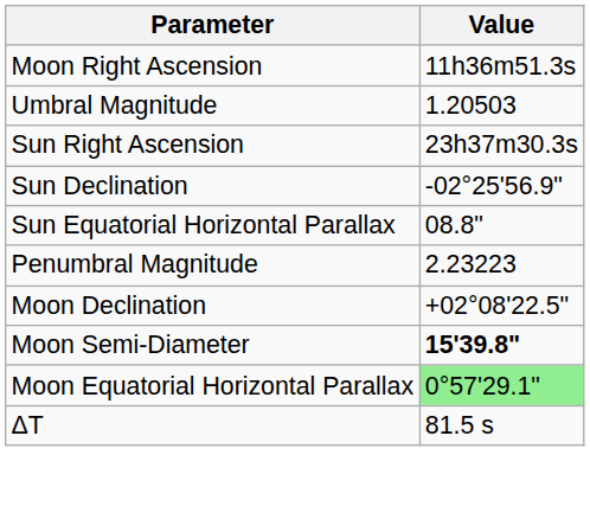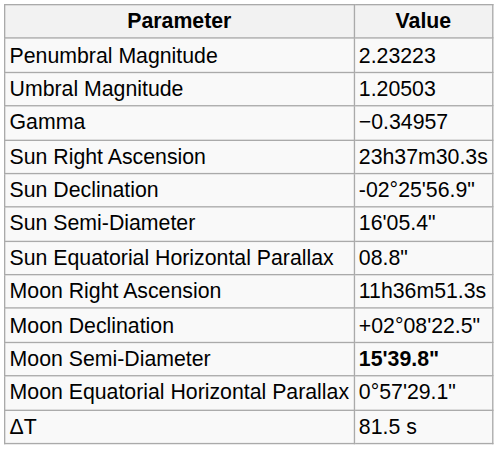 <table class="wikitable">
 <tr>
 <th>Parameter</th>
 <th>Value</th>
 </tr>
 <tr>
-<td>Moon Right Ascension</td>
-<td>11h36m51.3s</td>
+<td>Penumbral Magnitude</td>
+<td>2.23223</td>
 </tr>
 <tr>
 <td>Umbral Magnitude</td>
 <td>1.20503</td>
+</tr>
+<tr>
+<td>Gamma</td>
+<td>−0.34957</td>
 </tr>
 <tr>
 <td>Sun Right Ascension</td>
 <td>23h37m30.3s</td>
 </tr>
 <tr>
 <td>Sun Declination</td>
 <td>-02°25'56.9"</td>
 </tr>
 <tr>
+<td>Sun Semi-Diameter</td>
+<td>16'05.4"</td>
+</tr>
+<tr>
 <td>Sun Equatorial Horizontal Parallax</td>
 <td>08.8"</td>
 </tr>
 <tr>
-<td>Penumbral Magnitude</td>
-<td>2.23223</td>
+<td>Moon Right Ascension</td>
+<td>11h36m51.3s</td>
 </tr>
 <tr>
 <td>Moon Declination</td>
 <td>+02°08'22.5"</td>
 </tr>
 <tr>
 <td>Moon Semi-Diameter</td>
 <td><strong>15'39.8"</strong></td>
 </tr>
 <tr>
 <td>Moon Equatorial Horizontal Parallax</td>
-<td style="background: lightgreen;">0°57'29.1"</td>
+<td>0°57'29.1"</td>
 </tr>
 <tr>
 <td>ΔT</td>
 <td>81.5 s</td>
 </tr>
 </table>
